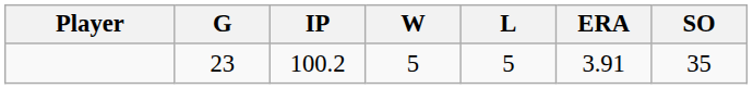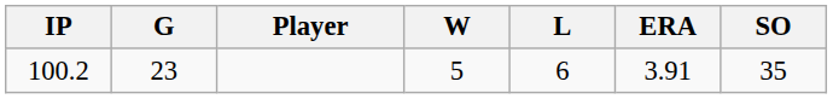 <table class="wikitable sortable">
 <tr>
+<th bgcolor="#DDDDFF" width="9%">IP</th>
+<th bgcolor="#DDDDFF" width="9%">G</th>
 <th bgcolor="#DDDDFF" width="16%">Player</th>
-<th bgcolor="#DDDDFF" width="9%">G</th>
-<th bgcolor="#DDDDFF" width="9%">IP</th>
 <th bgcolor="#DDDDFF" width="9%">W</th>
 <th bgcolor="#DDDDFF" width="9%">L</th>
 <th bgcolor="#DDDDFF" width="9%">ERA</th>
 <th bgcolor="#DDDDFF" width="9%">SO</th>
 </tr>
 <tr align="center">
+<td>100.2</td>
+<td>23</td>
 <td></td>
-<td>23</td>
-<td>100.2</td>
 <td>5</td>
-<td>5</td>
+<td>6</td>
 <td>3.91</td>
 <td>35</td>
 </tr>
 </table>
